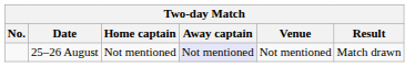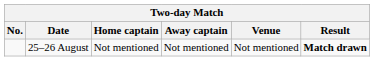 <table class="wikitable">
 <tr>
 <th colspan="9">Two-day Match</th>
 </tr>
 <tr>
 <th>No.</th>
 <th>Date</th>
 <th>Home captain</th>
 <th>Away captain</th>
 <th>Venue</th>
 <th>Result</th>
 </tr>
 <tr>
 <td></td>
 <td>25–26 August</td>
 <td>Not mentioned</td>
-<td style="background: lavender;">Not mentioned</td>
 <td>Not mentioned</td>
-<td>Match drawn</td>
+<td>Not mentioned</td>
+<td><strong>Match drawn</strong></td>
 </tr>
 </table>
